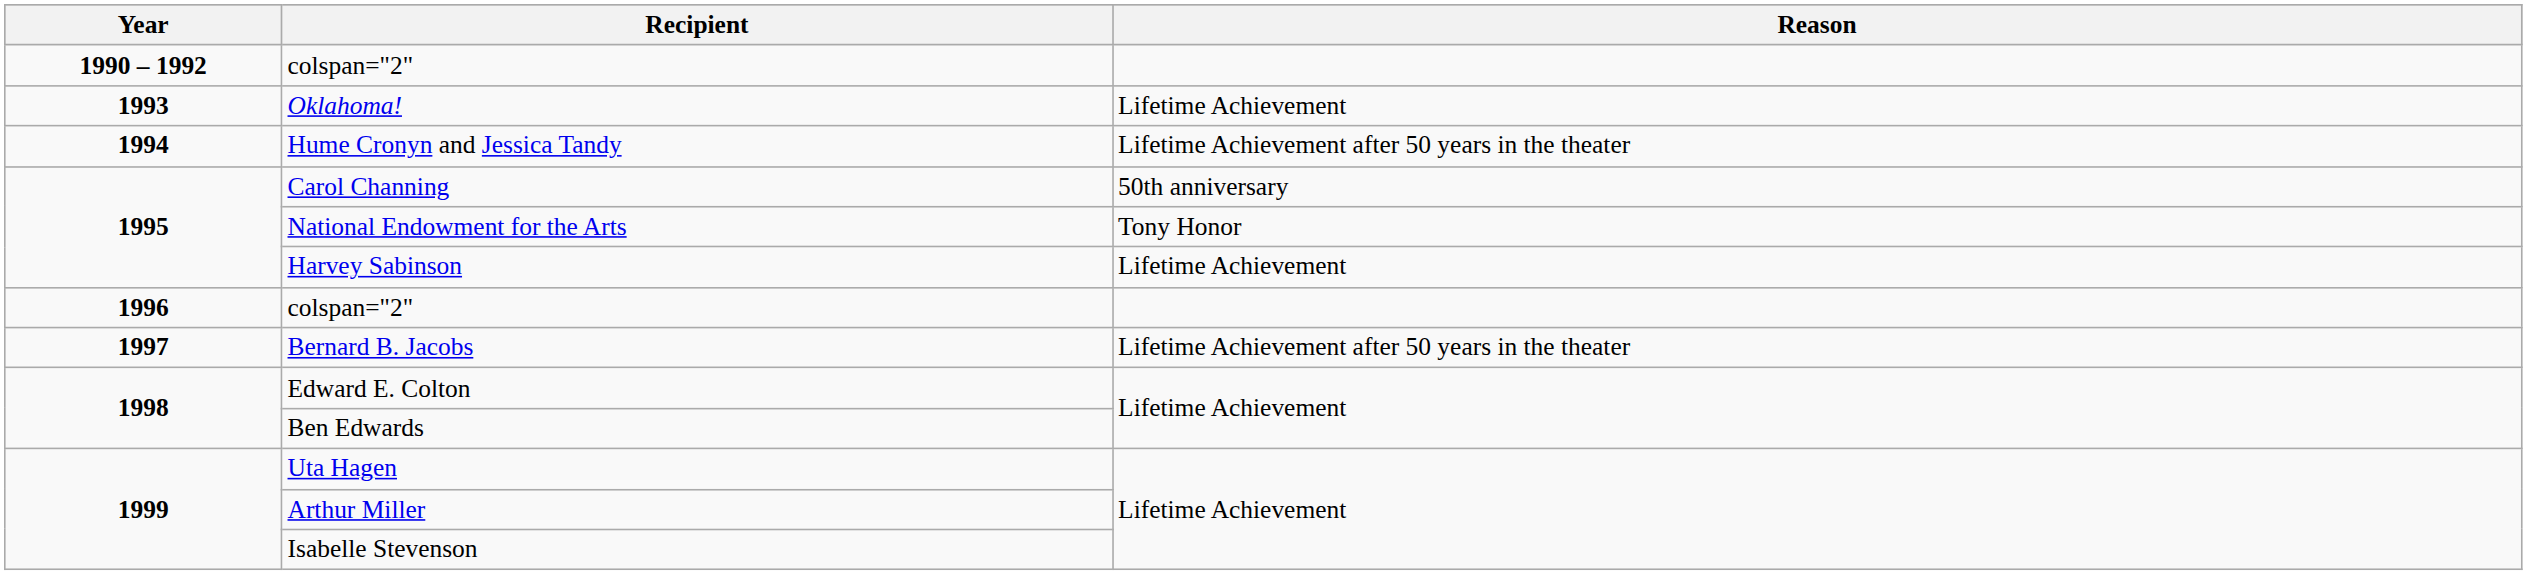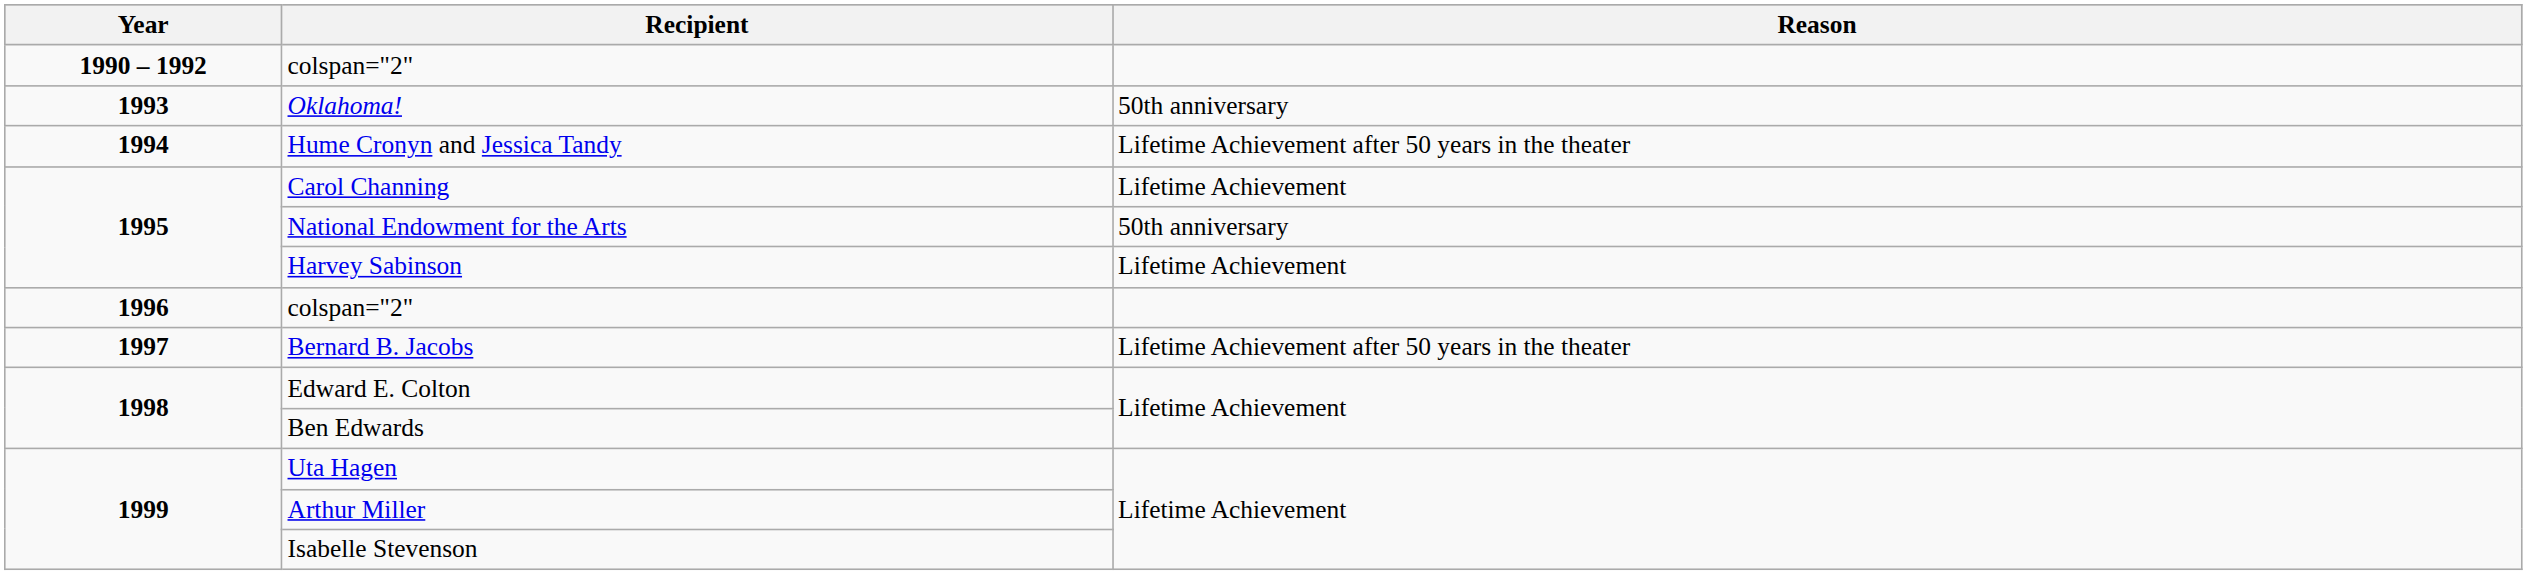 <table class="wikitable" style="width:100%;">
 <tr style="background:#bebebe;">
 <th style="width:11%;">Year</th>
 <th style="width:33%;”">Recipient</th>
 <th style="width:56%;”">Reason</th>
 </tr>
 <tr>
 <td align="center"><strong>1990 – 1992</strong></td>
 <td>colspan="2" </td>
 </tr>
 <tr>
 <td align="center"><strong>1993</strong><br></td>
 <td><em><a href='#'>Oklahoma!</a></em></td>
-<td>Lifetime Achievement</td>
+<td>50th anniversary</td>
 </tr>
 <tr>
 <td align="center"><strong>1994</strong><br></td>
 <td><a href='#'>Hume Cronyn</a> and <a href='#'>Jessica Tandy</a></td>
 <td>Lifetime Achievement after 50 years in the theater</td>
 </tr>
 <tr>
 <td rowspan="3" align="center"><strong>1995</strong><br></td>
 <td><a href='#'>Carol Channing</a></td>
-<td>50th anniversary</td>
+<td>Lifetime Achievement</td>
 </tr>
 <tr>
 <td><a href='#'>National Endowment for the Arts</a></td>
-<td>Tony Honor</td>
+<td>50th anniversary</td>
 </tr>
 <tr>
 <td><a href='#'>Harvey Sabinson</a></td>
 <td>Lifetime Achievement</td>
 </tr>
 <tr>
 <td align="center"><strong>1996</strong><br></td>
 <td>colspan="2" </td>
 </tr>
 <tr>
 <td align="center"><strong>1997</strong><br></td>
 <td><a href='#'>Bernard B. Jacobs</a></td>
 <td>Lifetime Achievement after 50 years in the theater</td>
 </tr>
 <tr>
 <td rowspan="2" align="center"><strong>1998</strong><br></td>
 <td>Edward E. Colton</td>
 <td rowspan="2">Lifetime Achievement</td>
 </tr>
 <tr>
 <td>Ben Edwards</td>
 </tr>
 <tr>
 <td rowspan="3" align="center"><strong>1999</strong><br></td>
 <td><a href='#'>Uta Hagen</a></td>
 <td rowspan="3">Lifetime Achievement</td>
 </tr>
 <tr>
 <td><a href='#'>Arthur Miller</a></td>
 </tr>
 <tr>
 <td>Isabelle Stevenson</td>
 </tr>
 </table>
